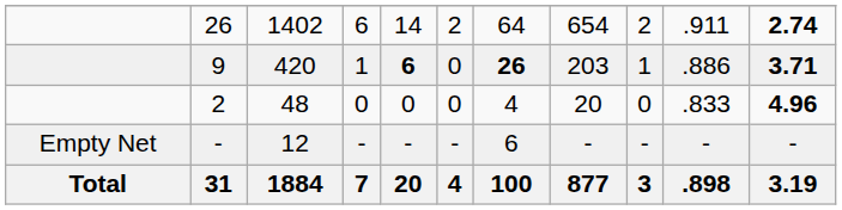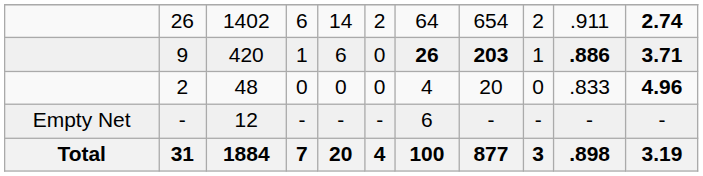 <table class="wikitable sortable" width =60%>
 <tr align="center">
 </tr>
 <tr align="center" bgcolor="">
 <td></td>
 <td>26</td>
 <td>1402</td>
 <td>6</td>
 <td>14</td>
 <td>2</td>
 <td>64</td>
 <td>654</td>
 <td>2</td>
 <td>.911</td>
 <td><strong>2.74</strong></td>
 </tr>
 <tr align="center" bgcolor="f0f0f0">
 <td></td>
 <td>9</td>
 <td>420</td>
 <td>1</td>
-<td><strong>6</strong></td>
+<td>6</td>
 <td>0</td>
 <td><strong>26</strong></td>
-<td>203</td>
+<td><strong>203</strong></td>
 <td>1</td>
-<td>.886</td>
+<td><strong>.886</strong></td>
 <td><strong>3.71</strong></td>
 </tr>
 <tr align="center" bgcolor="">
 <td></td>
 <td>2</td>
 <td>48</td>
 <td>0</td>
 <td>0</td>
 <td>0</td>
 <td>4</td>
 <td>20</td>
 <td>0</td>
 <td>.833</td>
 <td><strong>4.96</strong></td>
 </tr>
 <tr align="center" bgcolor="f0f0f0">
 <td>Empty Net</td>
 <td>-</td>
 <td>12</td>
 <td>-</td>
 <td>-</td>
 <td>-</td>
 <td>6</td>
 <td>-</td>
 <td>-</td>
 <td>-</td>
 <td>-</td>
 </tr>
 <tr>
 <th>Total</th>
 <th>31</th>
 <th>1884</th>
 <th>7</th>
 <th>20</th>
 <th>4</th>
 <th>100</th>
 <th>877</th>
 <th>3</th>
 <th>.898</th>
 <th>3.19</th>
 </tr>
 </table>
